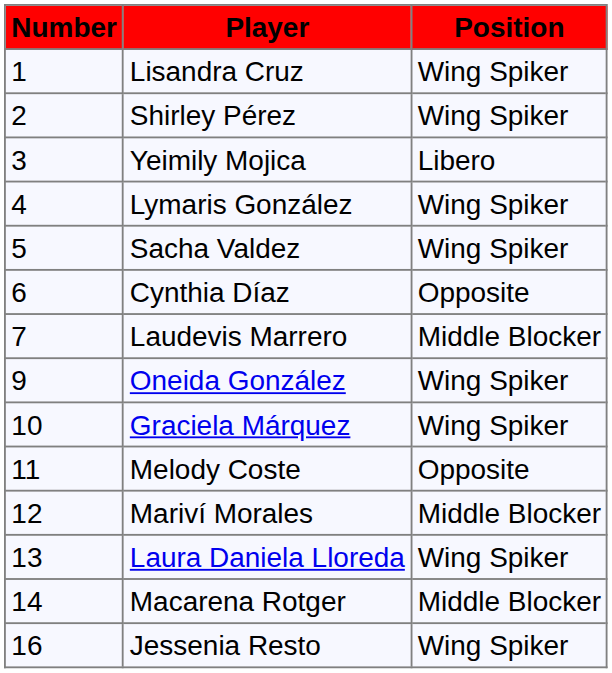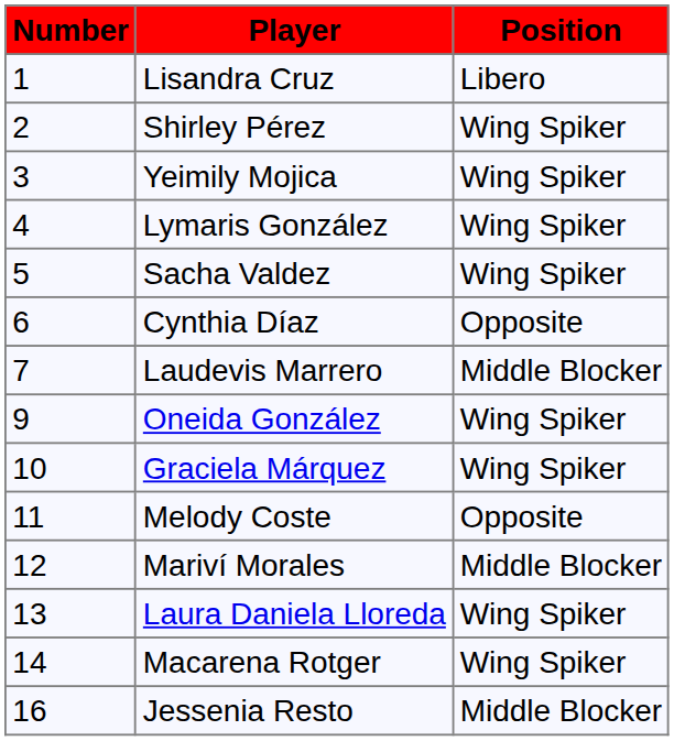 <table bgcolor="#f7f8ff" cellpadding="3" cellspacing="0" border="1" style="font-size: 95%; border: gray solid 1px; border-collapse: collapse;">
 <tr bgcolor="#ff0000">
 <td align=center><strong>Number</strong></td>
 <td align=center><strong>Player</strong></td>
 <td align=center><strong>Position</strong></td>
 </tr>
 <tr align="left">
 <td>1</td>
 <td> Lisandra Cruz</td>
-<td>Wing Spiker</td>
+<td>Libero</td>
 </tr>
 <tr align="left">
 <td>2</td>
 <td> Shirley Pérez</td>
 <td>Wing Spiker</td>
 </tr>
 <tr align=left>
 <td>3</td>
 <td> Yeimily Mojica</td>
-<td>Libero</td>
+<td>Wing Spiker</td>
 </tr>
 <tr align=left>
 <td>4</td>
 <td> Lymaris González</td>
 <td>Wing Spiker</td>
 </tr>
 <tr align="left">
 <td>5</td>
 <td> Sacha Valdez</td>
 <td>Wing Spiker</td>
 </tr>
 <tr align="left">
 <td>6</td>
 <td> Cynthia Díaz</td>
 <td>Opposite</td>
 </tr>
 <tr align="left">
 <td>7</td>
 <td> Laudevis Marrero</td>
 <td>Middle Blocker</td>
 </tr>
 <tr align="left">
 <td>9</td>
 <td> <a href='#'>Oneida González</a></td>
 <td>Wing Spiker</td>
 </tr>
 <tr align="left">
 <td>10</td>
 <td> <a href='#'>Graciela Márquez</a></td>
 <td>Wing Spiker</td>
 </tr>
 <tr align="left">
 <td>11</td>
 <td> Melody Coste</td>
 <td>Opposite</td>
 </tr>
 <tr align="left">
 <td>12</td>
 <td> Mariví Morales</td>
 <td>Middle Blocker</td>
 </tr>
 <tr align="left">
 <td>13</td>
 <td> <a href='#'>Laura Daniela Lloreda</a></td>
 <td>Wing Spiker</td>
 </tr>
 <tr align="left">
 <td>14</td>
 <td> Macarena Rotger</td>
-<td>Middle Blocker</td>
+<td>Wing Spiker</td>
 </tr>
 <tr align="left">
 <td>16</td>
 <td> Jessenia Resto</td>
-<td>Wing Spiker</td>
+<td>Middle Blocker</td>
 </tr>
 </table>
